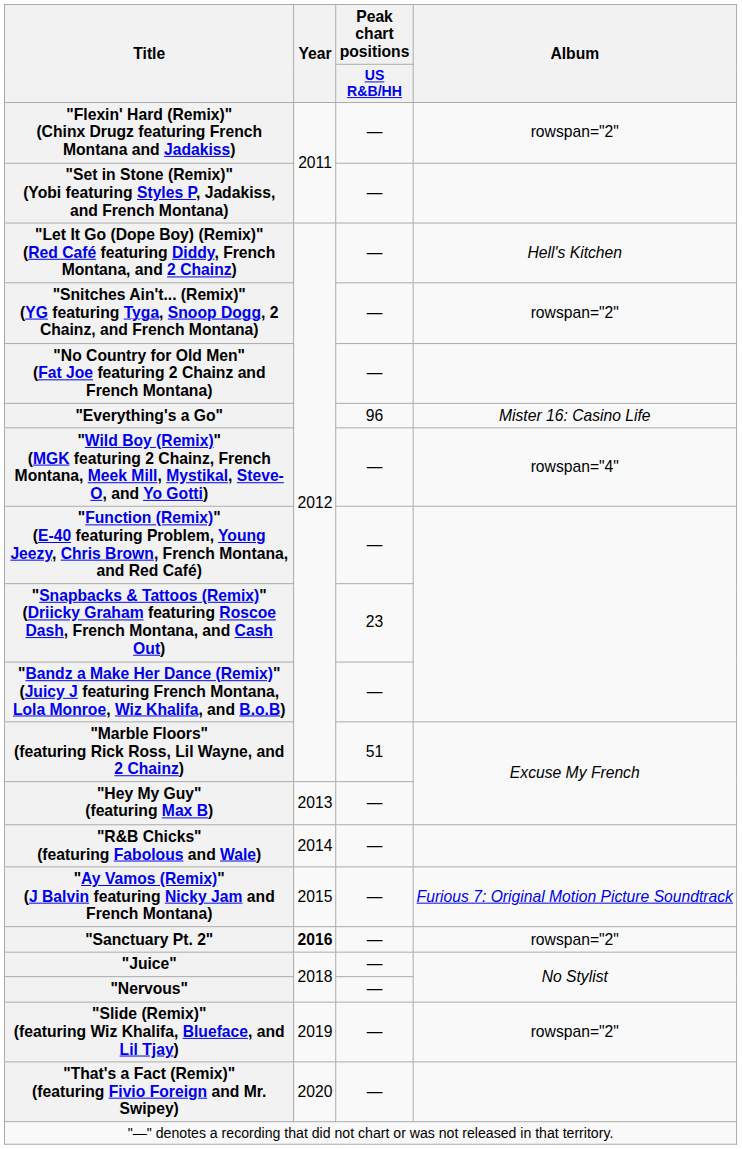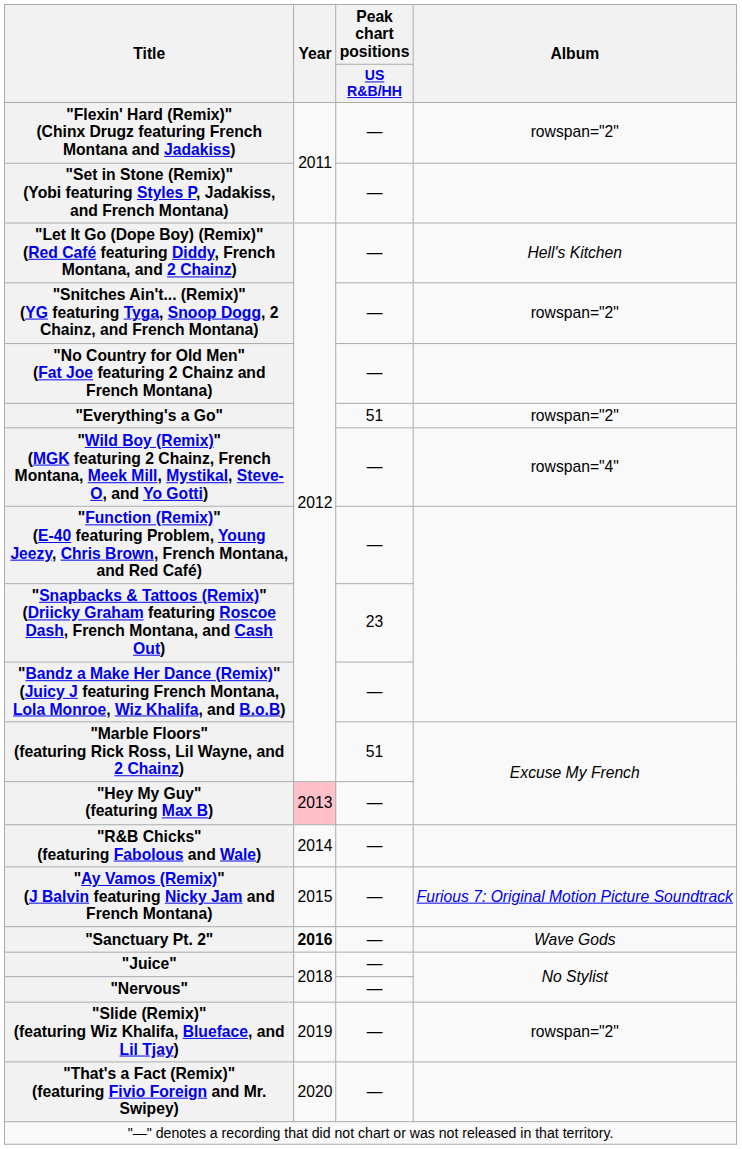 <table class="wikitable plainrowheaders" style="text-align:center;">
 <tr>
 <th scope="col" rowspan="2" style="width:18em;">Title</th>
 <th scope="col" rowspan="2" style="width:1em;">Year</th>
 <th scope="col" colspan="1">Peak chart positions</th>
 <th scope="col" rowspan="2">Album</th>
 </tr>
 <tr>
 <th scope="col" style="width:3em;font-size:90%;"><a href='#'>US<br>R&B/HH</a><br></th>
 </tr>
 <tr>
 <th scope="row">"Flexin' Hard (Remix)"<br><span>(Chinx Drugz featuring French Montana and <a href='#'>Jadakiss</a>)</span></th>
 <td rowspan="2">2011</td>
 <td>—</td>
 <td>rowspan="2" </td>
 </tr>
 <tr>
 <th scope="row">"Set in Stone (Remix)"<br><span>(Yobi featuring <a href='#'>Styles P</a>, Jadakiss, and French Montana)</span></th>
 <td>—</td>
 </tr>
 <tr>
 <th scope="row">"Let It Go (Dope Boy) (Remix)"<br><span>(<a href='#'>Red Café</a> featuring <a href='#'>Diddy</a>, French Montana, and <a href='#'>2 Chainz</a>)</span></th>
 <td rowspan="9">2012</td>
 <td>—</td>
 <td><em>Hell's Kitchen</em></td>
 </tr>
 <tr>
 <th scope="row">"Snitches Ain't... (Remix)"<br><span>(<a href='#'>YG</a> featuring <a href='#'>Tyga</a>, <a href='#'>Snoop Dogg</a>, 2 Chainz, and French Montana)</span></th>
 <td>—</td>
 <td>rowspan="2" </td>
 </tr>
 <tr>
 <th scope="row">"No Country for Old Men"<br><span>(<a href='#'>Fat Joe</a> featuring 2 Chainz and French Montana)</span></th>
 <td>—</td>
 </tr>
 <tr>
 <th scope="row">"Everything's a Go"</th>
-<td>96</td>
-<td><em>Mister 16: Casino Life</em></td>
+<td>51</td>
+<td>rowspan="2" </td>
 </tr>
 <tr>
 <th scope="row">"<a href='#'>Wild Boy (Remix)</a>"<br><span>(<a href='#'>MGK</a> featuring 2 Chainz, French Montana, <a href='#'>Meek Mill</a>, <a href='#'>Mystikal</a>, <a href='#'>Steve-O</a>, and <a href='#'>Yo Gotti</a>)</span></th>
 <td>—</td>
 <td>rowspan="4" </td>
 </tr>
 <tr>
 <th scope="row">"<a href='#'>Function (Remix)</a>"<br><span>(<a href='#'>E-40</a> featuring Problem, <a href='#'>Young Jeezy</a>, <a href='#'>Chris Brown</a>, French Montana, and Red Café)</span></th>
 <td>—</td>
 </tr>
 <tr>
 <th scope="row">"<a href='#'>Snapbacks & Tattoos (Remix)</a>"<br><span>(<a href='#'>Driicky Graham</a> featuring <a href='#'>Roscoe Dash</a>, French Montana, and <a href='#'>Cash Out</a>)</span></th>
 <td>23</td>
 </tr>
 <tr>
 <th scope="row">"<a href='#'>Bandz a Make Her Dance (Remix)</a>"<br><span>(<a href='#'>Juicy J</a> featuring French Montana, <a href='#'>Lola Monroe</a>, <a href='#'>Wiz Khalifa</a>, and <a href='#'>B.o.B</a>)</span></th>
 <td>—</td>
 </tr>
 <tr>
 <th scope="row">"Marble Floors"<br><span>(featuring Rick Ross, Lil Wayne, and <a href='#'>2 Chainz</a>)</span></th>
 <td>51</td>
 <td rowspan="2"><em>Excuse My French</em></td>
 </tr>
 <tr>
 <th scope="row">"Hey My Guy"<br><span>(featuring <a href='#'>Max B</a>)</span></th>
-<td>2013</td>
+<td style="background: pink;">2013</td>
 <td>—</td>
 </tr>
 <tr>
 <th scope="row">"R&B Chicks"<br><span>(featuring <a href='#'>Fabolous</a> and <a href='#'>Wale</a>)</span></th>
 <td>2014</td>
 <td>—</td>
 <td></td>
 </tr>
 <tr>
 <th scope="row">"<a href='#'>Ay Vamos (Remix)</a>"<br><span>(<a href='#'>J Balvin</a> featuring <a href='#'>Nicky Jam</a> and French Montana)</span></th>
 <td>2015</td>
 <td>—</td>
 <td><em><a href='#'>Furious 7: Original Motion Picture Soundtrack</a></em></td>
 </tr>
 <tr>
 <th scope="row">"Sanctuary Pt. 2"</th>
 <td><strong>2016</strong></td>
 <td>—</td>
-<td>rowspan="2" </td>
+<td><em>Wave Gods</em></td>
 </tr>
 <tr>
 <th scope="row">"Juice"</th>
 <td rowspan="2">2018</td>
 <td>—</td>
 <td rowspan="2"><em>No Stylist</em></td>
 </tr>
 <tr>
 <th scope="row">"Nervous"</th>
 <td>—</td>
 </tr>
 <tr>
 <th scope="row">"Slide (Remix)"<br><span>(featuring Wiz Khalifa, <a href='#'>Blueface</a>, and <a href='#'>Lil Tjay</a>)</span></th>
 <td>2019</td>
 <td>—</td>
 <td>rowspan="2" </td>
 </tr>
 <tr>
 <th scope="row">"That's a Fact (Remix)"<br><span>(featuring <a href='#'>Fivio Foreign</a> and Mr. Swipey)</span></th>
 <td>2020</td>
 <td>—</td>
 </tr>
 <tr>
 <td colspan="14" style="font-size:90%">"—" denotes a recording that did not chart or was not released in that territory.</td>
 </tr>
 </table>
